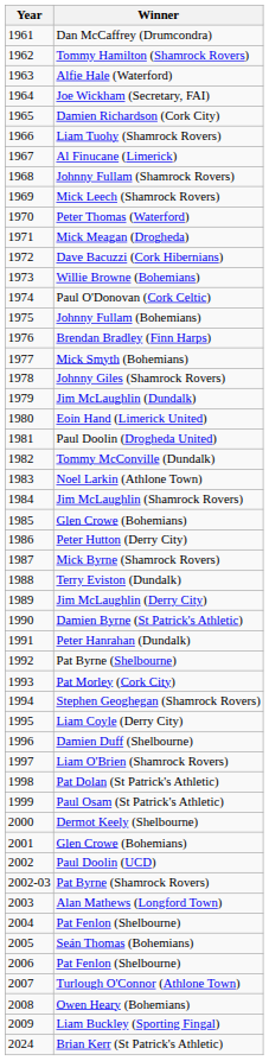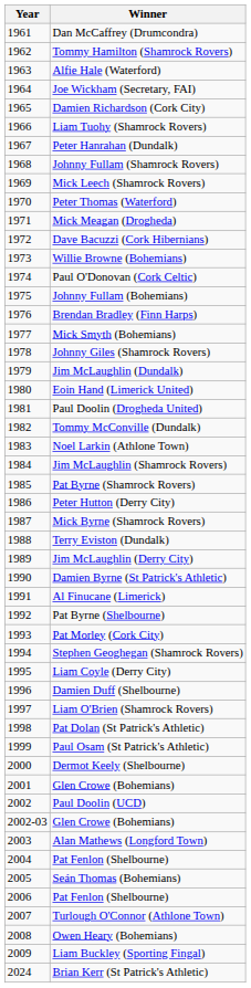 <table class="wikitable">
 <tr>
 <th>Year</th>
 <th>Winner</th>
 </tr>
 <tr>
 <td>1961</td>
 <td>Dan McCaffrey (Drumcondra)</td>
 </tr>
 <tr>
 <td>1962</td>
 <td><a href='#'>Tommy Hamilton</a> (<a href='#'>Shamrock Rovers</a>)</td>
 </tr>
 <tr>
 <td>1963</td>
 <td><a href='#'>Alfie Hale</a> (Waterford)</td>
 </tr>
 <tr>
 <td>1964</td>
 <td><a href='#'>Joe Wickham</a> (Secretary, FAI)</td>
 </tr>
 <tr>
 <td>1965</td>
 <td><a href='#'>Damien Richardson</a> (Cork City)</td>
 </tr>
 <tr>
 <td>1966</td>
 <td><a href='#'>Liam Tuohy</a> (Shamrock Rovers)</td>
 </tr>
 <tr>
 <td>1967</td>
-<td><a href='#'>Al Finucane</a> (<a href='#'>Limerick</a>)</td>
+<td><a href='#'>Peter Hanrahan</a> (Dundalk)</td>
 </tr>
 <tr>
 <td>1968</td>
 <td><a href='#'>Johnny Fullam</a> (Shamrock Rovers)</td>
 </tr>
 <tr>
 <td>1969</td>
 <td><a href='#'>Mick Leech</a> (Shamrock Rovers)</td>
 </tr>
 <tr>
 <td>1970</td>
 <td><a href='#'>Peter Thomas</a> (<a href='#'>Waterford</a>)</td>
 </tr>
 <tr>
 <td>1971</td>
 <td><a href='#'>Mick Meagan</a> (<a href='#'>Drogheda</a>)</td>
 </tr>
 <tr>
 <td>1972</td>
 <td><a href='#'>Dave Bacuzzi</a> (<a href='#'>Cork Hibernians</a>)</td>
 </tr>
 <tr>
 <td>1973</td>
 <td><a href='#'>Willie Browne</a> (<a href='#'>Bohemians</a>)</td>
 </tr>
 <tr>
 <td>1974</td>
 <td>Paul O'Donovan (<a href='#'>Cork Celtic</a>)</td>
 </tr>
 <tr>
 <td>1975</td>
 <td><a href='#'>Johnny Fullam</a> (Bohemians)</td>
 </tr>
 <tr>
 <td>1976</td>
 <td><a href='#'>Brendan Bradley</a> (<a href='#'>Finn Harps</a>)</td>
 </tr>
 <tr>
 <td>1977</td>
 <td><a href='#'>Mick Smyth</a> (Bohemians)</td>
 </tr>
 <tr>
 <td>1978</td>
 <td><a href='#'>Johnny Giles</a> (Shamrock Rovers)</td>
 </tr>
 <tr>
 <td>1979</td>
 <td><a href='#'>Jim McLaughlin</a> (<a href='#'>Dundalk</a>)</td>
 </tr>
 <tr>
 <td>1980</td>
 <td><a href='#'>Eoin Hand</a> (<a href='#'>Limerick United</a>)</td>
 </tr>
 <tr>
 <td>1981</td>
 <td>Paul Doolin (<a href='#'>Drogheda United</a>)</td>
 </tr>
 <tr>
 <td>1982</td>
 <td><a href='#'>Tommy McConville</a> (Dundalk)</td>
 </tr>
 <tr>
 <td>1983</td>
 <td><a href='#'>Noel Larkin</a> (Athlone Town)</td>
 </tr>
 <tr>
 <td>1984</td>
 <td><a href='#'>Jim McLaughlin</a>  (Shamrock Rovers)</td>
 </tr>
 <tr>
 <td>1985</td>
-<td><a href='#'>Glen Crowe</a> (Bohemians)</td>
+<td><a href='#'>Pat Byrne</a> (Shamrock Rovers)</td>
 </tr>
 <tr>
 <td>1986</td>
 <td><a href='#'>Peter Hutton</a> (Derry City)</td>
 </tr>
 <tr>
 <td>1987</td>
 <td><a href='#'>Mick Byrne</a> (Shamrock Rovers)</td>
 </tr>
 <tr>
 <td>1988</td>
 <td><a href='#'>Terry Eviston</a> (Dundalk)</td>
 </tr>
 <tr>
 <td>1989</td>
 <td><a href='#'>Jim McLaughlin</a> (<a href='#'>Derry City</a>)</td>
 </tr>
 <tr>
 <td>1990</td>
 <td><a href='#'>Damien Byrne</a> (<a href='#'>St Patrick's Athletic</a>)</td>
 </tr>
 <tr>
 <td>1991</td>
-<td><a href='#'>Peter Hanrahan</a> (Dundalk)</td>
+<td><a href='#'>Al Finucane</a> (<a href='#'>Limerick</a>)</td>
 </tr>
 <tr>
 <td>1992</td>
 <td>Pat Byrne (<a href='#'>Shelbourne</a>)</td>
 </tr>
 <tr>
 <td>1993</td>
 <td><a href='#'>Pat Morley</a> (<a href='#'>Cork City</a>)</td>
 </tr>
 <tr>
 <td>1994</td>
 <td><a href='#'>Stephen Geoghegan</a> (Shamrock Rovers)</td>
 </tr>
 <tr>
 <td>1995</td>
 <td><a href='#'>Liam Coyle</a> (Derry City)</td>
 </tr>
 <tr>
 <td>1996</td>
 <td><a href='#'>Damien Duff</a> (Shelbourne)</td>
 </tr>
 <tr>
 <td>1997</td>
 <td><a href='#'>Liam O'Brien</a> (Shamrock Rovers)</td>
 </tr>
 <tr>
 <td>1998</td>
 <td><a href='#'>Pat Dolan</a> (St Patrick's Athletic)</td>
 </tr>
 <tr>
 <td>1999</td>
 <td><a href='#'>Paul Osam</a> (St Patrick's Athletic)</td>
 </tr>
 <tr>
 <td>2000</td>
 <td><a href='#'>Dermot Keely</a> (Shelbourne)</td>
 </tr>
 <tr>
 <td>2001</td>
 <td><a href='#'>Glen Crowe</a> (Bohemians)</td>
 </tr>
 <tr>
 <td>2002</td>
 <td><a href='#'>Paul Doolin</a> (<a href='#'>UCD</a>)</td>
 </tr>
 <tr>
 <td>2002-03</td>
-<td><a href='#'>Pat Byrne</a> (Shamrock Rovers)</td>
+<td><a href='#'>Glen Crowe</a> (Bohemians)</td>
 </tr>
 <tr>
 <td>2003</td>
 <td><a href='#'>Alan Mathews</a> (<a href='#'>Longford Town</a>)</td>
 </tr>
 <tr>
 <td>2004</td>
 <td><a href='#'>Pat Fenlon</a> (Shelbourne)</td>
 </tr>
 <tr>
 <td>2005</td>
 <td><a href='#'>Seán Thomas</a> (Bohemians)</td>
 </tr>
 <tr>
 <td>2006</td>
 <td><a href='#'>Pat Fenlon</a> (Shelbourne)</td>
 </tr>
 <tr>
 <td>2007</td>
 <td><a href='#'>Turlough O'Connor</a> (<a href='#'>Athlone Town</a>)</td>
 </tr>
 <tr>
 <td>2008</td>
 <td><a href='#'>Owen Heary</a> (Bohemians)</td>
 </tr>
 <tr>
 <td>2009</td>
 <td><a href='#'>Liam Buckley</a> (<a href='#'>Sporting Fingal</a>)</td>
 </tr>
 <tr>
 <td>2024</td>
 <td><a href='#'>Brian Kerr</a> (St Patrick's Athletic)</td>
 </tr>
 </table>
